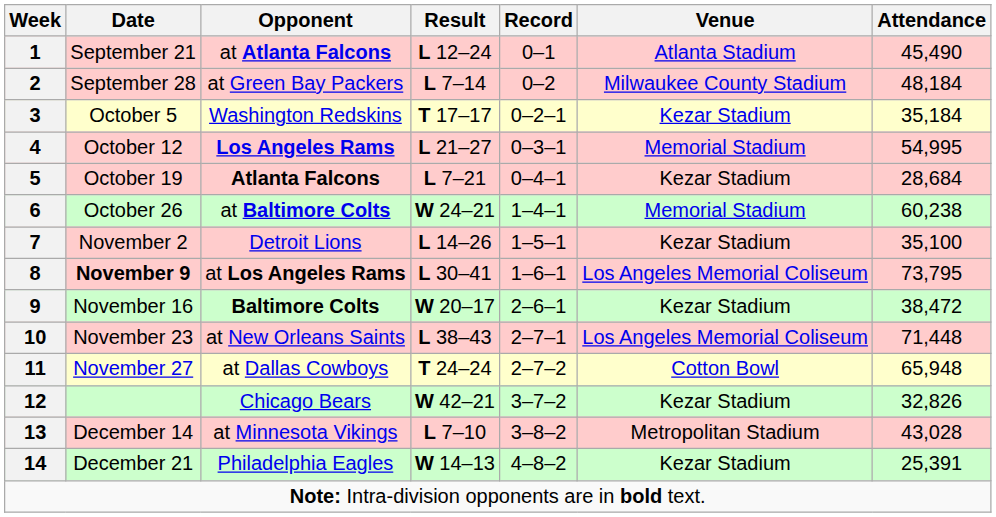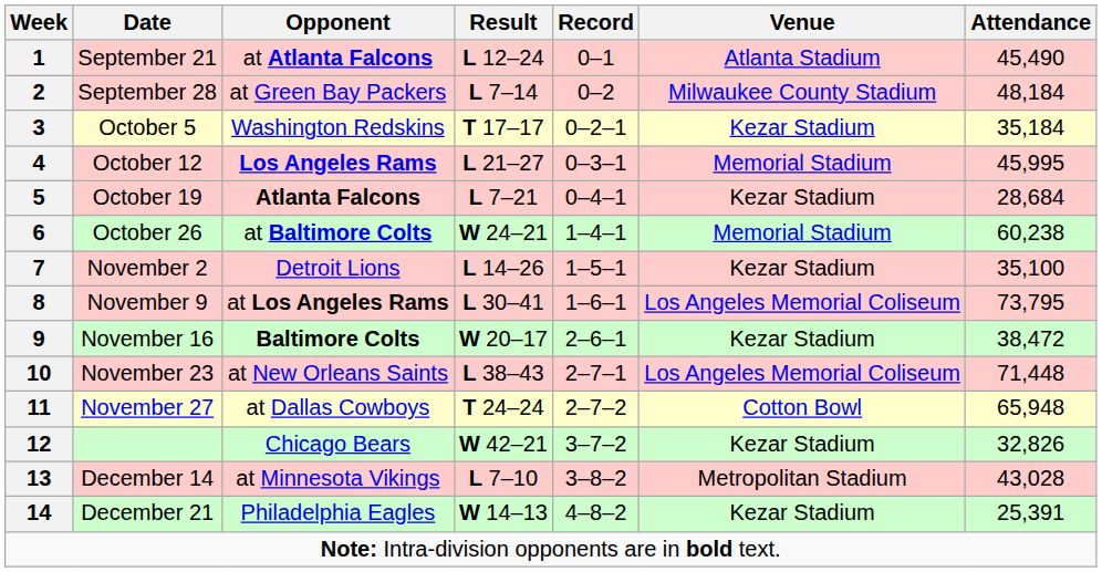 <table class="wikitable" style="text-align:center">
 <tr>
 <th>Week</th>
 <th>Date</th>
 <th>Opponent</th>
 <th>Result</th>
 <th>Record</th>
 <th>Venue</th>
 <th>Attendance</th>
 </tr>
 <tr style="background:#fcc">
 <th>1</th>
 <td>September 21</td>
 <td>at <strong><a href='#'>Atlanta Falcons</a></strong></td>
 <td><strong>L</strong> 12–24</td>
 <td>0–1</td>
 <td><a href='#'>Atlanta Stadium</a></td>
 <td>45,490</td>
 </tr>
 <tr style="background:#fcc">
 <th>2</th>
 <td>September 28</td>
 <td>at <a href='#'>Green Bay Packers</a></td>
 <td><strong>L</strong> 7–14</td>
 <td>0–2</td>
 <td><a href='#'>Milwaukee County Stadium</a></td>
 <td>48,184</td>
 </tr>
 <tr style="background:#ffc">
 <th>3</th>
 <td>October 5</td>
 <td><a href='#'>Washington Redskins</a></td>
 <td><strong>T</strong> 17–17</td>
 <td>0–2–1</td>
 <td><a href='#'>Kezar Stadium</a></td>
 <td>35,184</td>
 </tr>
 <tr style="background:#fcc">
 <th>4</th>
 <td>October 12</td>
 <td><strong><a href='#'>Los Angeles Rams</a></strong></td>
 <td><strong>L</strong> 21–27</td>
 <td>0–3–1</td>
 <td><a href='#'>Memorial Stadium</a></td>
-<td>54,995</td>
+<td>45,995</td>
 </tr>
 <tr style="background:#fcc">
 <th>5</th>
 <td>October 19</td>
 <td><strong>Atlanta Falcons</strong></td>
 <td><strong>L</strong> 7–21</td>
 <td>0–4–1</td>
 <td>Kezar Stadium</td>
 <td>28,684</td>
 </tr>
 <tr style="background:#cfc">
 <th>6</th>
 <td>October 26</td>
 <td>at <strong><a href='#'>Baltimore Colts</a></strong></td>
 <td><strong>W</strong> 24–21</td>
 <td>1–4–1</td>
 <td><a href='#'>Memorial Stadium</a></td>
 <td>60,238</td>
 </tr>
 <tr style="background:#fcc">
 <th>7</th>
 <td>November 2</td>
 <td><a href='#'>Detroit Lions</a></td>
 <td><strong>L</strong> 14–26</td>
 <td>1–5–1</td>
 <td>Kezar Stadium</td>
 <td>35,100</td>
 </tr>
 <tr style="background:#fcc">
 <th>8</th>
-<td><strong>November 9</strong></td>
+<td>November 9</td>
 <td>at <strong>Los Angeles Rams</strong></td>
 <td><strong>L</strong> 30–41</td>
 <td>1–6–1</td>
 <td><a href='#'>Los Angeles Memorial Coliseum</a></td>
 <td>73,795</td>
 </tr>
 <tr style="background:#cfc">
 <th>9</th>
 <td>November 16</td>
 <td><strong>Baltimore Colts</strong></td>
 <td><strong>W</strong> 20–17</td>
 <td>2–6–1</td>
 <td>Kezar Stadium</td>
 <td>38,472</td>
 </tr>
 <tr style="background:#fcc">
 <th>10</th>
 <td>November 23</td>
 <td>at <a href='#'>New Orleans Saints</a></td>
 <td><strong>L</strong> 38–43</td>
 <td>2–7–1</td>
 <td><a href='#'>Los Angeles Memorial Coliseum</a></td>
 <td>71,448</td>
 </tr>
 <tr style="background:#ffc">
 <th>11</th>
 <td><a href='#'>November 27</a></td>
 <td>at <a href='#'>Dallas Cowboys</a></td>
 <td><strong>T</strong> 24–24</td>
 <td>2–7–2</td>
 <td><a href='#'>Cotton Bowl</a></td>
 <td>65,948</td>
 </tr>
 <tr style="background:#cfc">
 <th>12</th>
 <td></td>
 <td><a href='#'>Chicago Bears</a></td>
 <td><strong>W</strong> 42–21</td>
 <td>3–7–2</td>
 <td>Kezar Stadium</td>
 <td>32,826</td>
 </tr>
 <tr style="background:#fcc">
 <th>13</th>
 <td>December 14</td>
 <td>at <a href='#'>Minnesota Vikings</a></td>
 <td><strong>L</strong> 7–10</td>
 <td>3–8–2</td>
 <td>Metropolitan Stadium</td>
 <td>43,028</td>
 </tr>
 <tr style="background:#cfc">
 <th>14</th>
 <td>December 21</td>
 <td><a href='#'>Philadelphia Eagles</a></td>
 <td><strong>W</strong> 14–13</td>
 <td>4–8–2</td>
 <td>Kezar Stadium</td>
 <td>25,391</td>
 </tr>
 <tr>
 <td colspan="8"><strong>Note:</strong> Intra-division opponents are in <strong>bold</strong> text.</td>
 </tr>
 </table>
